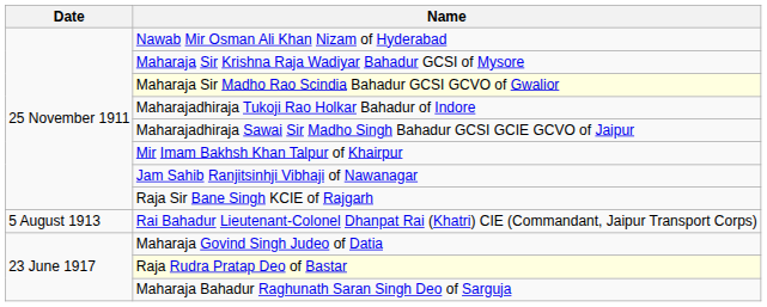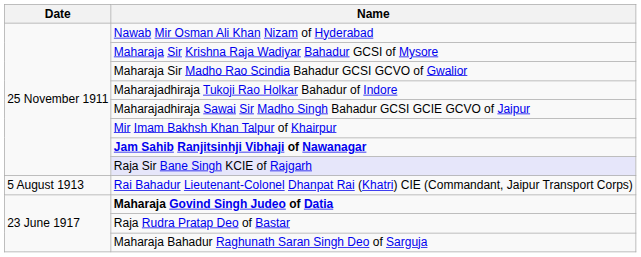 <table class="wikitable">
 <tr>
 <th>Date</th>
 <th>Name</th>
 </tr>
 <tr>
 <td rowspan=8>25 November 1911</td>
 <td><a href='#'>Nawab</a> <a href='#'>Mir Osman Ali Khan</a> <a href='#'>Nizam</a> of <a href='#'>Hyderabad</a></td>
 </tr>
 <tr>
 <td><a href='#'>Maharaja</a> <a href='#'>Sir</a> <a href='#'>Krishna Raja Wadiyar</a> <a href='#'>Bahadur</a> GCSI of <a href='#'>Mysore</a></td>
 </tr>
 <tr>
-<td style="background: lightyellow;">Maharaja Sir <a href='#'>Madho Rao Scindia</a> Bahadur GCSI GCVO of <a href='#'>Gwalior</a></td>
+<td>Maharaja Sir <a href='#'>Madho Rao Scindia</a> Bahadur GCSI GCVO of <a href='#'>Gwalior</a></td>
 </tr>
 <tr>
 <td>Maharajadhiraja <a href='#'>Tukoji Rao Holkar</a> Bahadur of <a href='#'>Indore</a></td>
 </tr>
 <tr>
 <td>Maharajadhiraja <a href='#'>Sawai</a> <a href='#'>Sir</a> <a href='#'>Madho Singh</a> Bahadur GCSI GCIE GCVO of <a href='#'>Jaipur</a></td>
 </tr>
 <tr>
 <td><a href='#'>Mir</a> <a href='#'>Imam Bakhsh Khan Talpur</a> of <a href='#'>Khairpur</a></td>
 </tr>
 <tr>
-<td><a href='#'>Jam Sahib</a> <a href='#'>Ranjitsinhji Vibhaji</a> of <a href='#'>Nawanagar</a></td>
+<td><strong><a href='#'>Jam Sahib</a> <a href='#'>Ranjitsinhji Vibhaji</a> of <a href='#'>Nawanagar</a></strong></td>
 </tr>
 <tr>
-<td>Raja Sir <a href='#'>Bane Singh</a> KCIE of <a href='#'>Rajgarh</a></td>
+<td style="background: lavender;">Raja Sir <a href='#'>Bane Singh</a> KCIE of <a href='#'>Rajgarh</a></td>
 </tr>
 <tr>
 <td>5 August 1913</td>
 <td><a href='#'>Rai Bahadur</a> <a href='#'>Lieutenant-Colonel</a> <a href='#'>Dhanpat Rai</a> (<a href='#'>Khatri</a>) CIE (Commandant, Jaipur Transport Corps)</td>
 </tr>
 <tr>
 <td rowspan=3>23 June 1917</td>
-<td>Maharaja <a href='#'>Govind Singh Judeo</a> of <a href='#'>Datia</a></td>
+<td><strong>Maharaja <a href='#'>Govind Singh Judeo</a> of <a href='#'>Datia</a></strong></td>
 </tr>
 <tr>
-<td style="background: lightyellow;">Raja <a href='#'>Rudra Pratap Deo</a> of <a href='#'>Bastar</a></td>
+<td>Raja <a href='#'>Rudra Pratap Deo</a> of <a href='#'>Bastar</a></td>
 </tr>
 <tr>
 <td>Maharaja Bahadur <a href='#'>Raghunath Saran Singh Deo</a> of <a href='#'>Sarguja</a></td>
 </tr>
 </table>
